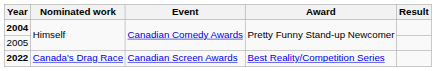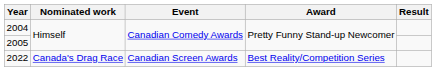 <table class="wikitable">
 <tr>
 <th style="text-align:center;">Year</th>
 <th style="text-align:center;">Nominated work</th>
 <th style="text-align:center;">Event</th>
 <th style="text-align:center;">Award</th>
 <th style="text-align:center;">Result</th>
 </tr>
 <tr>
-<td><strong>2004</strong></td>
+<td>2004</td>
 <td rowspan="2">Himself</td>
 <td rowspan="2"><a href='#'>Canadian Comedy Awards</a></td>
 <td rowspan="2">Pretty Funny Stand-up Newcomer</td>
 <td></td>
 </tr>
 <tr>
 <td>2005</td>
 <td></td>
 </tr>
 <tr>
-<td><strong>2022</strong></td>
+<td>2022</td>
 <td rowspan="2"><a href='#'>Canada's Drag Race</a></td>
 <td rowspan="2"><a href='#'>Canadian Screen Awards</a></td>
 <td rowspan="2"><a href='#'>Best Reality/Competition Series</a></td>
 <td></td>
 </tr>
 </table>
